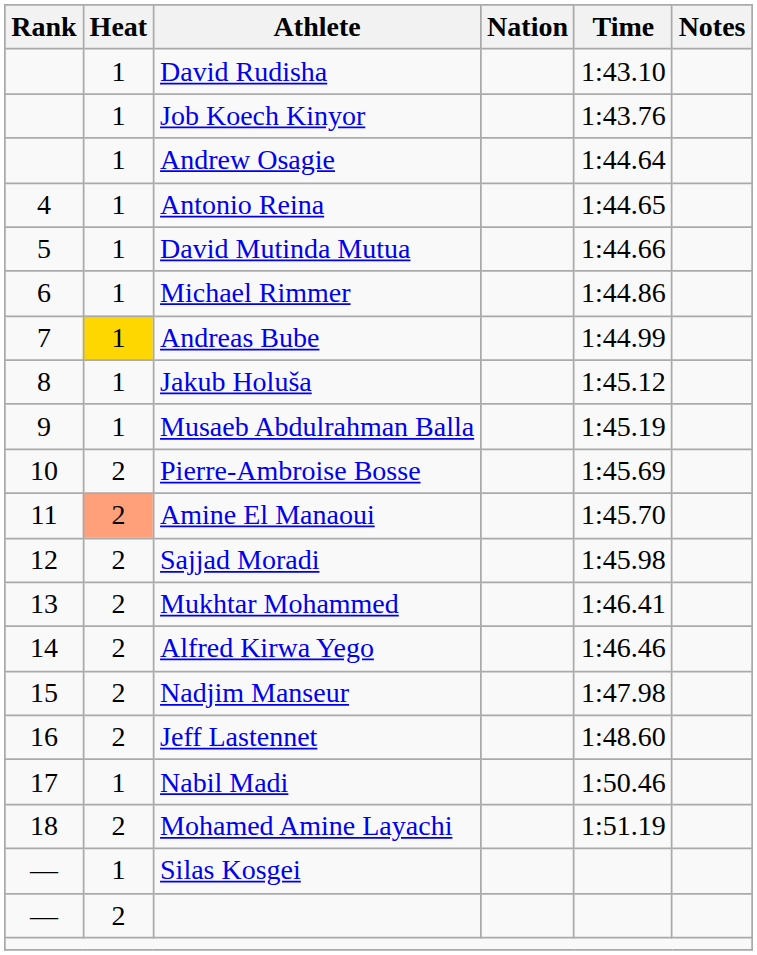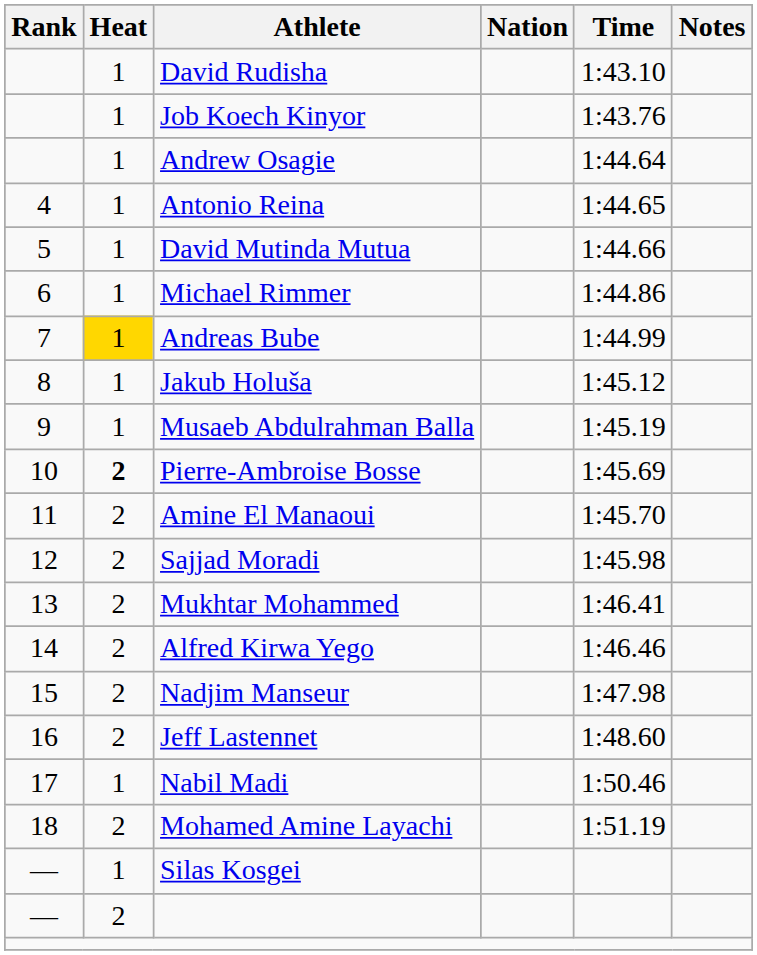 <table class="wikitable mw-datatable sortable" style="text-align:center;">
 <tr>
 <th scope="col" style="width: 10px;">Rank</th>
 <th scope="col">Heat</th>
 <th scope="col">Athlete</th>
 <th scope="col">Nation</th>
 <th scope="col">Time</th>
 <th scope="col">Notes</th>
 </tr>
 <tr>
 <td></td>
 <td>1</td>
 <td align="left"><a href='#'>David Rudisha</a></td>
 <td align="left"></td>
 <td>1:43.10</td>
 <td></td>
 </tr>
 <tr>
 <td></td>
 <td>1</td>
 <td align="left"><a href='#'>Job Koech Kinyor</a></td>
 <td align="left"></td>
 <td>1:43.76</td>
 <td></td>
 </tr>
 <tr>
 <td></td>
 <td>1</td>
 <td align="left"><a href='#'>Andrew Osagie</a></td>
 <td align="left"></td>
 <td>1:44.64</td>
 <td></td>
 </tr>
 <tr>
 <td>4</td>
 <td>1</td>
 <td align="left"><a href='#'>Antonio Reina</a></td>
 <td align="left"></td>
 <td>1:44.65</td>
 <td></td>
 </tr>
 <tr>
 <td>5</td>
 <td>1</td>
 <td align="left"><a href='#'>David Mutinda Mutua</a></td>
 <td align="left"></td>
 <td>1:44.66</td>
 <td></td>
 </tr>
 <tr>
 <td>6</td>
 <td>1</td>
 <td align="left"><a href='#'>Michael Rimmer</a></td>
 <td align="left"></td>
 <td>1:44.86</td>
 <td></td>
 </tr>
 <tr>
 <td>7</td>
 <td style="background: gold;">1</td>
 <td align="left"><a href='#'>Andreas Bube</a></td>
 <td align="left"></td>
 <td>1:44.99</td>
 <td></td>
 </tr>
 <tr>
 <td>8</td>
 <td>1</td>
 <td align="left"><a href='#'>Jakub Holuša</a></td>
 <td align="left"></td>
 <td>1:45.12</td>
 <td></td>
 </tr>
 <tr>
 <td>9</td>
 <td>1</td>
 <td align="left"><a href='#'>Musaeb Abdulrahman Balla</a></td>
 <td align="left"></td>
 <td>1:45.19</td>
 <td></td>
 </tr>
 <tr>
 <td>10</td>
-<td>2</td>
+<td><strong>2</strong></td>
 <td align="left"><a href='#'>Pierre-Ambroise Bosse</a></td>
 <td align="left"></td>
 <td>1:45.69</td>
 <td></td>
 </tr>
 <tr>
 <td>11</td>
-<td style="background: lightsalmon;">2</td>
+<td>2</td>
 <td align="left"><a href='#'>Amine El Manaoui</a></td>
 <td align="left"></td>
 <td>1:45.70</td>
 <td></td>
 </tr>
 <tr>
 <td>12</td>
 <td>2</td>
 <td align="left"><a href='#'>Sajjad Moradi</a></td>
 <td align="left"></td>
 <td>1:45.98</td>
 <td></td>
 </tr>
 <tr>
 <td>13</td>
 <td>2</td>
 <td align="left"><a href='#'>Mukhtar Mohammed</a></td>
 <td align="left"></td>
 <td>1:46.41</td>
 <td></td>
 </tr>
 <tr>
 <td>14</td>
 <td>2</td>
 <td align="left"><a href='#'>Alfred Kirwa Yego</a></td>
 <td align="left"></td>
 <td>1:46.46</td>
 <td></td>
 </tr>
 <tr>
 <td>15</td>
 <td>2</td>
 <td align="left"><a href='#'>Nadjim Manseur</a></td>
 <td align="left"></td>
 <td>1:47.98</td>
 <td></td>
 </tr>
 <tr>
 <td>16</td>
 <td>2</td>
 <td align="left"><a href='#'>Jeff Lastennet</a></td>
 <td align="left"></td>
 <td>1:48.60</td>
 <td></td>
 </tr>
 <tr>
 <td>17</td>
 <td>1</td>
 <td align="left"><a href='#'>Nabil Madi</a></td>
 <td align="left"></td>
 <td>1:50.46</td>
 <td></td>
 </tr>
 <tr>
 <td>18</td>
 <td>2</td>
 <td align="left"><a href='#'>Mohamed Amine Layachi</a></td>
 <td align="left"></td>
 <td>1:51.19</td>
 <td></td>
 </tr>
 <tr>
 <td>—</td>
 <td>1</td>
 <td align="left"><a href='#'>Silas Kosgei</a></td>
 <td align="left"></td>
 <td></td>
 <td></td>
 </tr>
 <tr>
 <td>—</td>
 <td>2</td>
 <td align="left"></td>
 <td align="left"></td>
 <td></td>
 <td></td>
 </tr>
 <tr class="sortbottom">
 <td colspan="6"></td>
 </tr>
 </table>
